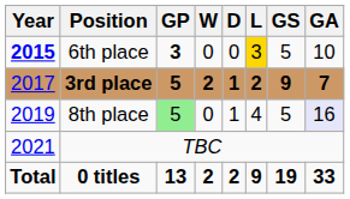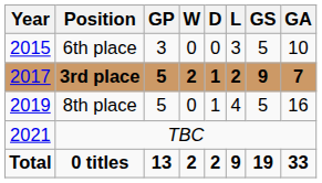 <table class="wikitable" style="text-align: center;">
 <tr>
 <th>Year</th>
 <th>Position</th>
 <th>GP</th>
 <th>W</th>
 <th>D</th>
 <th>L</th>
 <th>GS</th>
 <th>GA</th>
 </tr>
 <tr>
-<td><strong> <a href='#'>2015</a></strong></td>
+<td> <a href='#'>2015</a></td>
 <td>6th place</td>
-<td><strong>3</strong></td>
+<td>3</td>
 <td>0</td>
 <td>0</td>
-<td style="background: gold;">3</td>
+<td>3</td>
 <td>5</td>
 <td>10</td>
 </tr>
 <tr bgcolor=cc9966>
 <td> <a href='#'>2017</a></td>
 <td><strong>3rd place</strong></td>
 <td><strong>5</strong></td>
 <td><strong>2</strong></td>
 <td><strong>1</strong></td>
 <td><strong>2</strong></td>
 <td><strong>9</strong></td>
 <td><strong>7</strong></td>
 </tr>
 <tr>
 <td> <a href='#'>2019</a></td>
 <td>8th place</td>
-<td style="background: lightgreen;">5</td>
+<td>5</td>
 <td>0</td>
 <td>1</td>
 <td>4</td>
 <td>5</td>
-<td style="background: lavender;">16</td>
+<td>16</td>
 </tr>
 <tr>
 <td> <a href='#'>2021</a></td>
 <td colspan=7><em>TBC</em></td>
 </tr>
 <tr>
 <td><strong>Total</strong></td>
 <td><strong>0 titles</strong></td>
 <td><strong>13</strong></td>
 <td><strong>2 </strong></td>
 <td><strong>2</strong></td>
 <td><strong>9</strong></td>
 <td><strong>19</strong></td>
 <td><strong>33</strong></td>
 </tr>
 </table>
